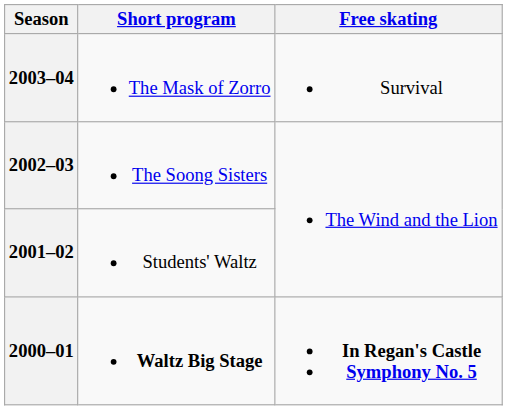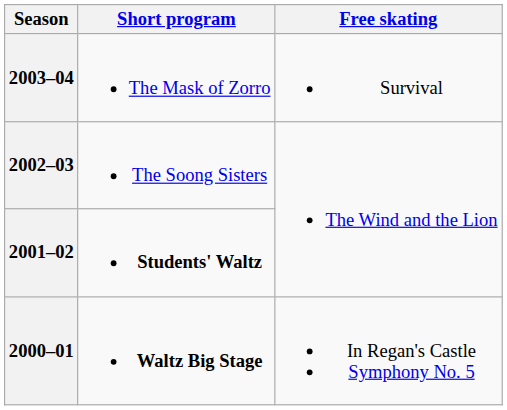 <table class=wikitable style=text-align:center>
 <tr>
 <th>Season</th>
 <th><a href='#'>Short program</a></th>
 <th><a href='#'>Free skating</a></th>
 </tr>
 <tr>
 <th>2003–04 <br> </th>
 <td><br><ul><li><a href='#'>The Mask of Zorro</a> <br></li></ul></td>
 <td><br><ul><li>Survival <br></li></ul></td>
 </tr>
 <tr>
 <th>2002–03 <br> </th>
 <td><br><ul><li><a href='#'>The Soong Sisters</a> <br></li></ul></td>
 <td rowspan=2><br><ul><li><a href='#'>The Wind and the Lion</a> <br></li></ul></td>
 </tr>
 <tr>
 <th>2001–02 <br> </th>
-<td><br><ul><li>Students' Waltz <br></li></ul></td>
+<td><strong><br><ul><li>Students' Waltz <br></li></ul></strong></td>
 </tr>
 <tr>
 <th>2000–01 <br> </th>
 <td><strong><br><ul><li>Waltz Big Stage <br></li></ul></strong></td>
-<td><strong><br><ul><li>In Regan's Castle <br></li><li><a href='#'>Symphony No. 5</a> <br></li></ul></strong></td>
+<td><br><ul><li>In Regan's Castle <br></li><li><a href='#'>Symphony No. 5</a> <br></li></ul></td>
 </tr>
 </table>
